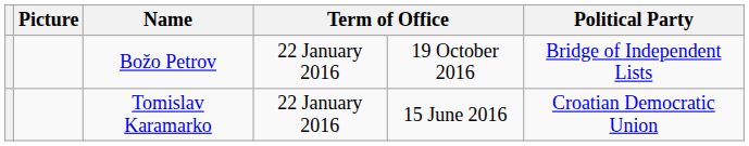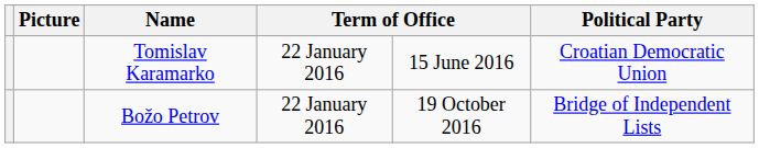 <table class="wikitable" style="text-align:center">
 <tr>
 <th></th>
 <th>Picture</th>
 <th>Name<br></th>
 <th colspan="2">Term of Office</th>
 <th>Political Party</th>
 </tr>
 <tr>
 <th style="background:"></th>
 <td></td>
+<td><a href='#'>Tomislav Karamarko</a><br></td>
+<td>22 January 2016</td>
+<td>15 June 2016</td>
+<td><a href='#'>Croatian Democratic Union</a></td>
+</tr>
+<tr>
+<th style="background:"></th>
+<td></td>
 <td><a href='#'>Božo Petrov</a><br></td>
 <td>22 January 2016</td>
 <td>19 October 2016</td>
 <td><a href='#'>Bridge of Independent Lists</a></td>
 </tr>
-<tr>
-<th style="background:"></th>
-<td></td>
-<td><a href='#'>Tomislav Karamarko</a><br></td>
-<td>22 January 2016</td>
-<td>15 June 2016</td>
-<td><a href='#'>Croatian Democratic Union</a></td>
-</tr>
 </table>
